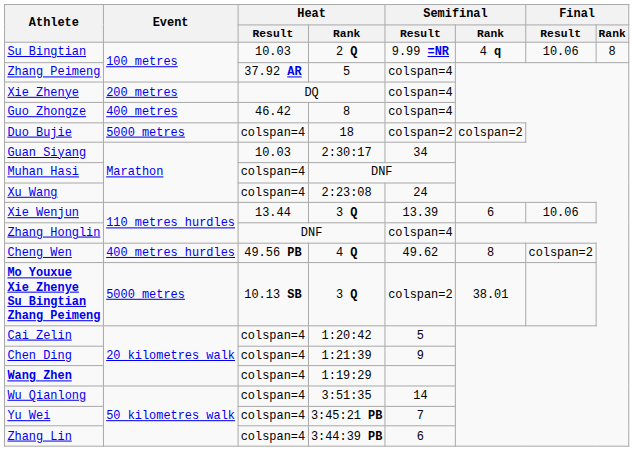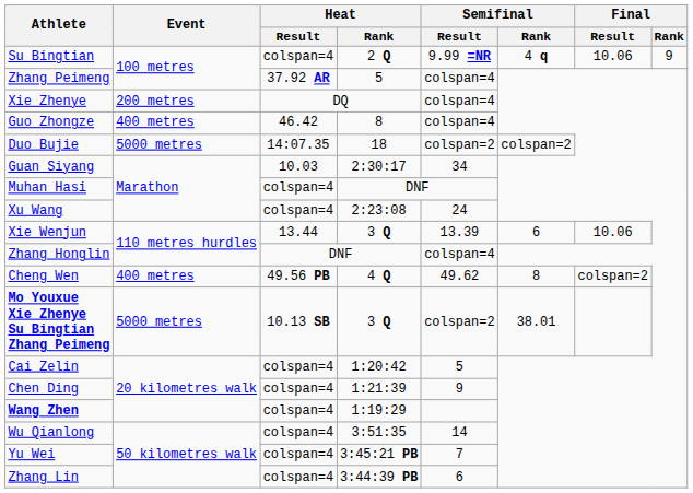 <table class="wikitable" style="font-size:90%">
 <tr>
 <th rowspan="2">Athlete</th>
 <th rowspan="2">Event</th>
 <th colspan="2">Heat</th>
 <th colspan="2">Semifinal</th>
 <th colspan="2">Final</th>
 </tr>
 <tr style="font-size:95%">
 <th>Result</th>
 <th>Rank</th>
 <th>Result</th>
 <th>Rank</th>
 <th>Result</th>
 <th>Rank</th>
 </tr>
 <tr style=text-align:center>
 <td style=text-align:left><a href='#'>Su Bingtian</a></td>
 <td style=text-align:left rowspan=2><a href='#'>100 metres</a></td>
-<td>10.03</td>
+<td>colspan=4 </td>
 <td>2 <strong>Q</strong></td>
 <td>9.99 <strong><a href='#'>=NR</a></strong></td>
 <td>4 <strong>q</strong></td>
 <td>10.06</td>
-<td>8</td>
+<td>9</td>
 </tr>
 <tr style=text-align:center>
 <td style=text-align:left><a href='#'>Zhang Peimeng</a></td>
 <td>37.92 <strong><a href='#'>AR</a></strong></td>
 <td>5</td>
 <td>colspan=4 </td>
 </tr>
 <tr style=text-align:center>
 <td style=text-align:left><a href='#'>Xie Zhenye</a></td>
 <td style=text-align:left rowspan=1><a href='#'>200 metres</a></td>
 <td colspan=2>DQ</td>
 <td>colspan=4 </td>
 </tr>
 <tr style=text-align:center>
 <td style=text-align:left><a href='#'>Guo Zhongze</a></td>
 <td style=text-align:left rowspan=1><a href='#'>400 metres</a></td>
 <td>46.42</td>
 <td>8</td>
 <td>colspan=4 </td>
 </tr>
 <tr style=text-align:center>
 <td style=text-align:left><a href='#'>Duo Bujie</a></td>
 <td style=text-align:left rowspan=1><a href='#'>5000 metres</a></td>
-<td>colspan=4 </td>
+<td>14:07.35</td>
 <td>18</td>
 <td>colspan=2 </td>
 <td>colspan=2 </td>
 </tr>
 <tr style=text-align:center>
 <td style=text-align:left><a href='#'>Guan Siyang</a></td>
 <td style=text-align:left rowspan=3><a href='#'>Marathon</a></td>
 <td>10.03</td>
 <td>2:30:17</td>
 <td>34</td>
 </tr>
 <tr style=text-align:center>
 <td style=text-align:left><a href='#'>Muhan Hasi</a></td>
 <td>colspan=4 </td>
 <td colspan=2>DNF</td>
 </tr>
 <tr style=text-align:center>
 <td style=text-align:left><a href='#'>Xu Wang</a></td>
 <td>colspan=4 </td>
 <td>2:23:08</td>
 <td>24</td>
 </tr>
 <tr style=text-align:center>
 <td style=text-align:left><a href='#'>Xie Wenjun</a></td>
 <td style=text-align:left rowspan=2><a href='#'>110 metres hurdles</a></td>
 <td>13.44</td>
 <td>3 <strong>Q</strong></td>
 <td>13.39</td>
 <td>6</td>
 <td>10.06</td>
 </tr>
 <tr style=text-align:center>
 <td style=text-align:left><a href='#'>Zhang Honglin</a></td>
 <td colspan=2>DNF</td>
 <td>colspan=4 </td>
 </tr>
 <tr style=text-align:center>
 <td style=text-align:left><a href='#'>Cheng Wen</a></td>
-<td style=text-align:left rowspan=1><a href='#'>400 metres hurdles</a></td>
+<td style=text-align:left rowspan=1><a href='#'>400 metres</a></td>
 <td>49.56 <strong>PB</strong></td>
 <td>4 <strong>Q</strong></td>
 <td>49.62</td>
 <td>8</td>
 <td>colspan=2 </td>
 </tr>
 <tr style=text-align:center>
 <td style=text-align:left><strong><a href='#'>Mo Youxue</a></strong><br><strong><a href='#'>Xie Zhenye</a></strong><br><strong><a href='#'>Su Bingtian</a></strong><br><strong><a href='#'>Zhang Peimeng</a></strong></td>
 <td style=text-align:left rowspan=1><a href='#'>5000 metres</a></td>
 <td>10.13 <strong>SB</strong></td>
 <td>3 <strong>Q</strong></td>
 <td>colspan=2 </td>
 <td>38.01</td>
 <td></td>
 </tr>
 <tr style=text-align:center>
 <td style=text-align:left><a href='#'>Cai Zelin</a></td>
 <td style=text-align:left rowspan=3><a href='#'>20 kilometres walk</a></td>
 <td>colspan=4 </td>
 <td>1:20:42</td>
 <td>5</td>
 </tr>
 <tr style=text-align:center>
 <td style=text-align:left><a href='#'>Chen Ding</a></td>
 <td>colspan=4 </td>
 <td>1:21:39</td>
 <td>9</td>
 </tr>
 <tr style=text-align:center>
 <td style=text-align:left><strong><a href='#'>Wang Zhen</a></strong></td>
 <td>colspan=4 </td>
 <td>1:19:29</td>
 <td></td>
 </tr>
 <tr style=text-align:center>
 <td style=text-align:left><a href='#'>Wu Qianlong</a></td>
 <td style=text-align:left rowspan=3><a href='#'>50 kilometres walk</a></td>
 <td>colspan=4 </td>
 <td>3:51:35</td>
 <td>14</td>
 </tr>
 <tr style=text-align:center>
 <td style=text-align:left><a href='#'>Yu Wei</a></td>
 <td>colspan=4 </td>
 <td>3:45:21 <strong>PB</strong></td>
 <td>7</td>
 </tr>
 <tr style=text-align:center>
 <td style=text-align:left><a href='#'>Zhang Lin</a></td>
 <td>colspan=4 </td>
 <td>3:44:39 <strong>PB</strong></td>
 <td>6</td>
 </tr>
 </table>
